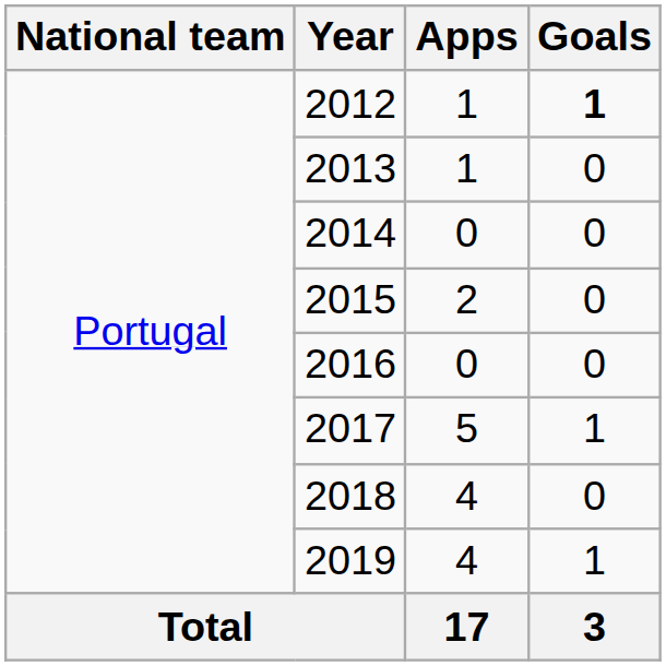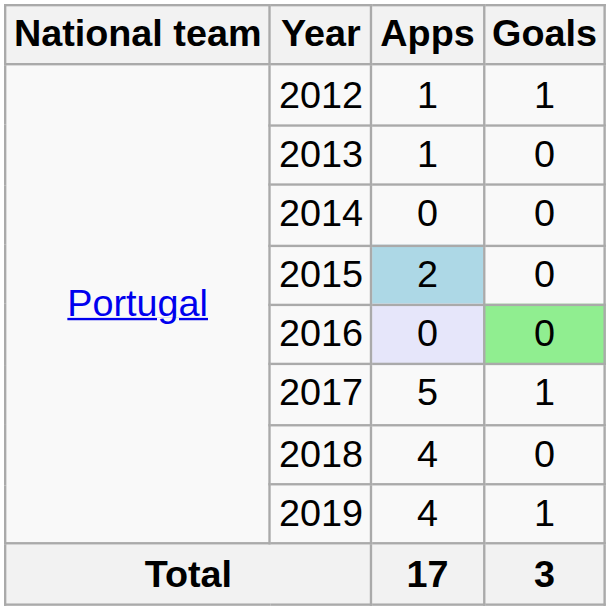 <table class="wikitable" style="text-align:center">
 <tr>
 <th>National team</th>
 <th>Year</th>
 <th>Apps</th>
 <th>Goals</th>
 </tr>
 <tr>
 <td rowspan="8"><a href='#'>Portugal</a></td>
 <td>2012</td>
 <td>1</td>
-<td><strong>1</strong></td>
+<td>1</td>
 </tr>
 <tr>
 <td>2013</td>
 <td>1</td>
 <td>0</td>
 </tr>
 <tr>
 <td>2014</td>
 <td>0</td>
 <td>0</td>
 </tr>
 <tr>
 <td>2015</td>
-<td>2</td>
+<td style="background: lightblue;">2</td>
 <td>0</td>
 </tr>
 <tr>
 <td>2016</td>
-<td>0</td>
-<td>0</td>
+<td style="background: lavender;">0</td>
+<td style="background: lightgreen;">0</td>
 </tr>
 <tr>
 <td>2017</td>
 <td>5</td>
 <td>1</td>
 </tr>
 <tr>
 <td>2018</td>
 <td>4</td>
 <td>0</td>
 </tr>
 <tr>
 <td>2019</td>
 <td>4</td>
 <td>1</td>
 </tr>
 <tr>
 <th colspan="2">Total</th>
 <th>17</th>
 <th>3</th>
 </tr>
 </table>
